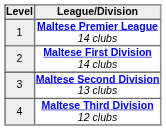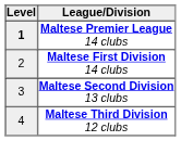 <table align="center" border="1" cellspacing="0">
 <tr style="background:#efefef;">
 <th>Level</th>
 <th>League/Division</th>
 </tr>
 <tr>
-<td align="center" style="background:#efefef;">1</td>
+<td align="center" style="background:#efefef;"><strong>1</strong></td>
 <td align="center"><strong><a href='#'>Maltese Premier League</a></strong><br><em>14 clubs</em></td>
 </tr>
 <tr>
 <td align="center" style="background:#efefef;">2</td>
 <td align="center"><strong><a href='#'>Maltese First Division</a></strong><br><em>14 clubs</em></td>
 </tr>
 <tr>
 <td align="center" style="background:#efefef;">3</td>
 <td align="center"><strong><a href='#'>Maltese Second Division</a></strong><br><em>13 clubs</em></td>
 </tr>
 <tr>
 <td align="center" style="background:#efefef;">4</td>
 <td align="center"><strong><a href='#'>Maltese Third Division</a></strong><br><em>12 clubs</em></td>
 </tr>
 </table>
